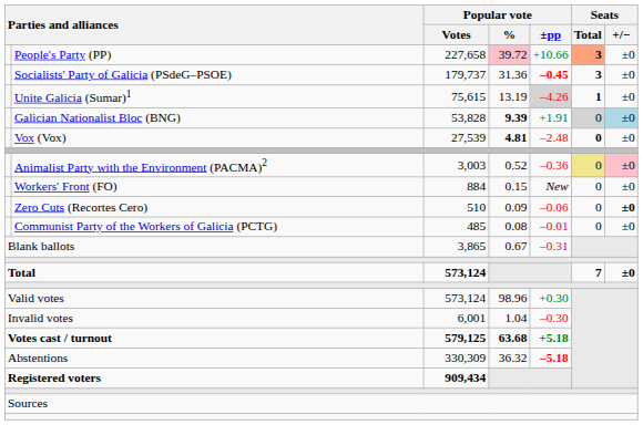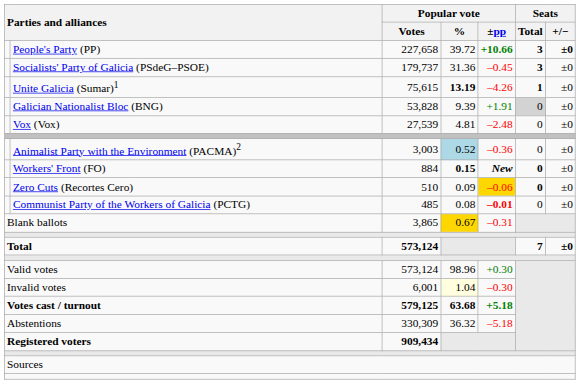 <table class="wikitable" style="text-align:right;">
 <tr>
 <th style="text-align:left;" rowspan="2" colspan="2" width="525">Parties and alliances</th>
 <th colspan="3">Popular vote</th>
 <th colspan="2">Seats</th>
 </tr>
 <tr>
 <th width="75">Votes</th>
 <th width="45">%</th>
 <th width="45">±<a href='#'>pp</a></th>
 <th width="35">Total</th>
 <th width="35">+/−</th>
 </tr>
 <tr>
 <td width="1" style="color:inherit;background:"></td>
 <td align="left"><a href='#'>People's Party</a> (PP)</td>
 <td>227,658</td>
-<td style="background: pink;">39.72</td>
-<td style="color:green;">+10.66</td>
-<td style="background: lightsalmon;"><strong>3</strong></td>
-<td>±0</td>
+<td>39.72</td>
+<td style="color:green;"><strong>+10.66</strong></td>
+<td><strong>3</strong></td>
+<td><strong>±0</strong></td>
 </tr>
 <tr>
 <td style="color:inherit;background:"></td>
 <td align="left"><a href='#'>Socialists' Party of Galicia</a> (PSdeG–PSOE)</td>
 <td>179,737</td>
 <td>31.36</td>
-<td style="color:red;"><strong>–0.45</strong></td>
+<td style="color:red;">–0.45</td>
 <td><strong>3</strong></td>
 <td>±0</td>
 </tr>
 <tr>
 <td style="color:inherit;background:"></td>
 <td align="left"><a href='#'>Unite Galicia</a> (Sumar)<sup>1</sup></td>
 <td>75,615</td>
-<td>13.19</td>
-<td style="background: lightgrey; color:red;">–4.26</td>
+<td><strong>13.19</strong></td>
+<td style="color:red;">–4.26</td>
 <td><strong>1</strong></td>
 <td>±0</td>
 </tr>
 <tr>
 <td style="color:inherit;background:"></td>
 <td align="left"><a href='#'>Galician Nationalist Bloc</a> (BNG)</td>
 <td>53,828</td>
-<td><strong>9.39</strong></td>
+<td>9.39</td>
 <td style="color:green;">+1.91</td>
 <td style="background: lightgrey;">0</td>
-<td style="background: lightblue;">±0</td>
+<td>±0</td>
 </tr>
 <tr>
 <td style="color:inherit;background:"></td>
 <td align="left"><a href='#'>Vox</a> (Vox)</td>
 <td>27,539</td>
-<td><strong>4.81</strong></td>
+<td>4.81</td>
 <td style="color:red;">–2.48</td>
-<td><strong>0</strong></td>
+<td>0</td>
 <td>±0</td>
 </tr>
 <tr>
 <td colspan="7" bgcolor="#C0C0C0"></td>
 </tr>
 <tr>
 <td style="color:inherit;background:"></td>
 <td align="left"><a href='#'>Animalist Party with the Environment</a> (PACMA)<sup>2</sup></td>
 <td>3,003</td>
-<td>0.52</td>
+<td style="background: lightblue;">0.52</td>
 <td style="color:red;">–0.36</td>
-<td style="background: khaki;">0</td>
-<td style="background: pink;">±0</td>
+<td>0</td>
+<td>±0</td>
 </tr>
 <tr>
 <td style="color:inherit;background:"></td>
 <td align="left"><a href='#'>Workers' Front</a> (FO)</td>
 <td>884</td>
-<td>0.15</td>
-<td><em>New</em></td>
-<td>0</td>
+<td><strong>0.15</strong></td>
+<td><strong><em>New</em></strong></td>
+<td><strong>0</strong></td>
 <td>±0</td>
 </tr>
 <tr>
 <td style="color:inherit;background:"></td>
 <td align="left"><a href='#'>Zero Cuts</a> (Recortes Cero)</td>
 <td>510</td>
 <td>0.09</td>
-<td style="color:red;">–0.06</td>
-<td>0</td>
-<td><strong>±0</strong></td>
+<td style="background: gold; color:red;">–0.06</td>
+<td><strong>0</strong></td>
+<td>±0</td>
 </tr>
 <tr>
 <td style="color:inherit;background:"></td>
 <td align="left"><a href='#'>Communist Party of the Workers of Galicia</a> (PCTG)</td>
 <td>485</td>
 <td>0.08</td>
-<td style="color:red;">–0.01</td>
+<td style="color:red;"><strong>–0.01</strong></td>
 <td>0</td>
 <td>±0</td>
 </tr>
 <tr>
 <td align="left" colspan="2">Blank ballots</td>
 <td>3,865</td>
-<td>0.67</td>
+<td style="background: gold;">0.67</td>
 <td style="color:red;">–0.31</td>
 <td bgcolor="#E9E9E9" colspan="2"></td>
 </tr>
 <tr>
 <td colspan="7" bgcolor="#E9E9E9"></td>
 </tr>
 <tr style="font-weight:bold;">
 <td align="left" colspan="2">Total</td>
 <td>573,124</td>
 <td bgcolor="#E9E9E9" colspan="2"></td>
 <td>7</td>
 <td>±0</td>
 </tr>
 <tr>
 <td colspan="7" bgcolor="#E9E9E9"></td>
 </tr>
 <tr>
 <td align="left" colspan="2">Valid votes</td>
 <td>573,124</td>
 <td>98.96</td>
 <td style="color:green;">+0.30</td>
 <td bgcolor="#E9E9E9" colspan="2" rowspan="5"></td>
 </tr>
 <tr>
 <td align="left" colspan="2">Invalid votes</td>
 <td>6,001</td>
-<td>1.04</td>
+<td style="background: lightyellow;">1.04</td>
 <td style="color:red;">–0.30</td>
 </tr>
 <tr style="font-weight:bold;">
 <td align="left" colspan="2">Votes cast / turnout</td>
 <td>579,125</td>
 <td>63.68</td>
 <td style="color:green;">+5.18</td>
 </tr>
 <tr>
 <td align="left" colspan="2">Abstentions</td>
 <td>330,309</td>
 <td>36.32</td>
-<td style="color:red;"><strong>–5.18</strong></td>
+<td style="color:red;">–5.18</td>
 </tr>
 <tr style="font-weight:bold;">
 <td align="left" colspan="2">Registered voters</td>
 <td>909,434</td>
 <td bgcolor="#E9E9E9" colspan="2"></td>
 </tr>
 <tr>
 <td colspan="7" bgcolor="#E9E9E9"></td>
 </tr>
 <tr>
 <td align="left" colspan="7">Sources</td>
 </tr>
 <tr>
 <td colspan="7" style="text-align:left; max-width:790px;"></td>
 </tr>
 </table>
